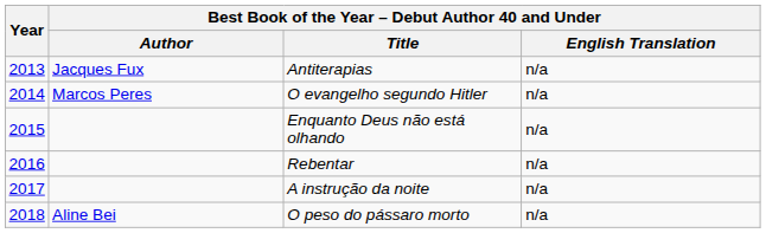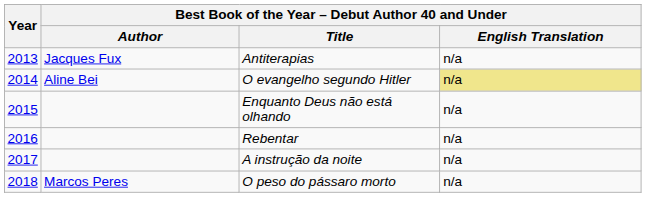 <table class="wikitable" width=750>
 <tr>
 <th rowspan="2">Year</th>
 <th colspan="3">Best Book of the Year – Debut Author 40 and Under</th>
 </tr>
 <tr>
 <th width=250><em>Author</em></th>
 <th width=250><em>Title</em></th>
 <th width=250><em>English Translation</em></th>
 </tr>
 <tr>
 <td><a href='#'>2013</a></td>
 <td><a href='#'>Jacques Fux</a></td>
 <td><em>Antiterapias</em></td>
 <td>n/a</td>
 </tr>
 <tr>
 <td><a href='#'>2014</a></td>
-<td><a href='#'>Marcos Peres</a></td>
+<td><a href='#'>Aline Bei</a></td>
 <td><em>O evangelho segundo Hitler</em></td>
-<td>n/a</td>
+<td style="background: khaki;">n/a</td>
 </tr>
 <tr>
 <td><a href='#'>2015</a></td>
 <td></td>
 <td><em>Enquanto Deus não está olhando</em></td>
 <td>n/a</td>
 </tr>
 <tr>
 <td><a href='#'>2016</a></td>
 <td></td>
 <td><em>Rebentar</em></td>
 <td>n/a</td>
 </tr>
 <tr>
 <td><a href='#'>2017</a></td>
 <td></td>
 <td><em>A instrução da noite</em></td>
 <td>n/a</td>
 </tr>
 <tr>
 <td><a href='#'>2018</a></td>
-<td><a href='#'>Aline Bei</a></td>
+<td><a href='#'>Marcos Peres</a></td>
 <td><em>O peso do pássaro morto</em></td>
 <td>n/a</td>
 </tr>
 </table>
